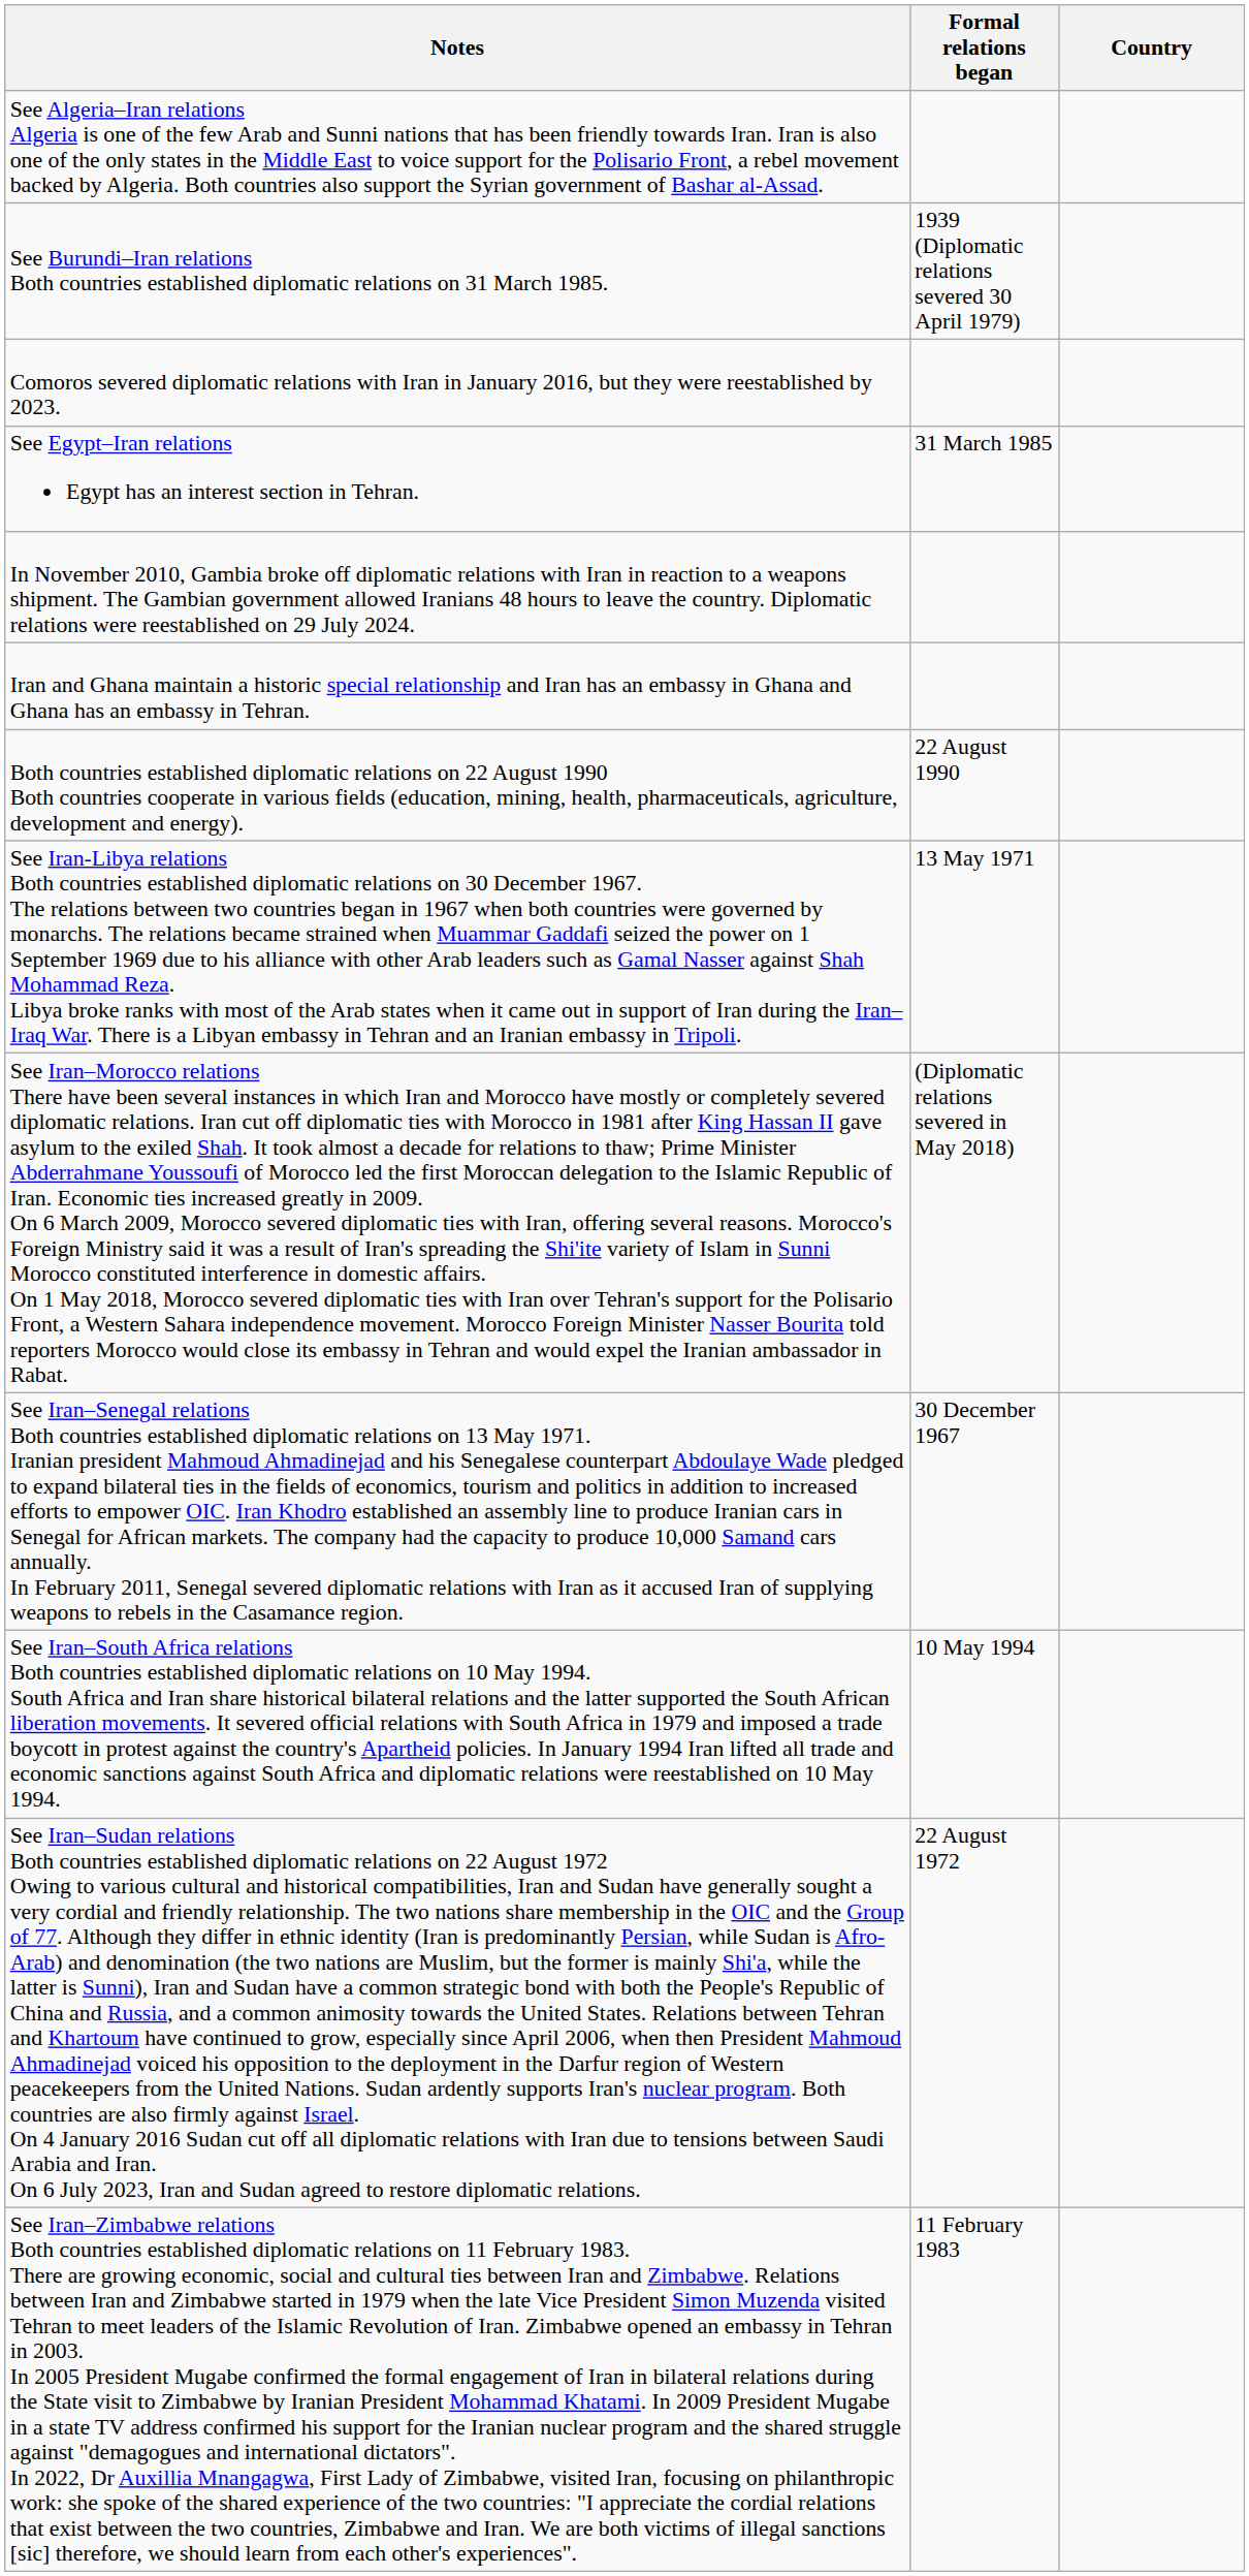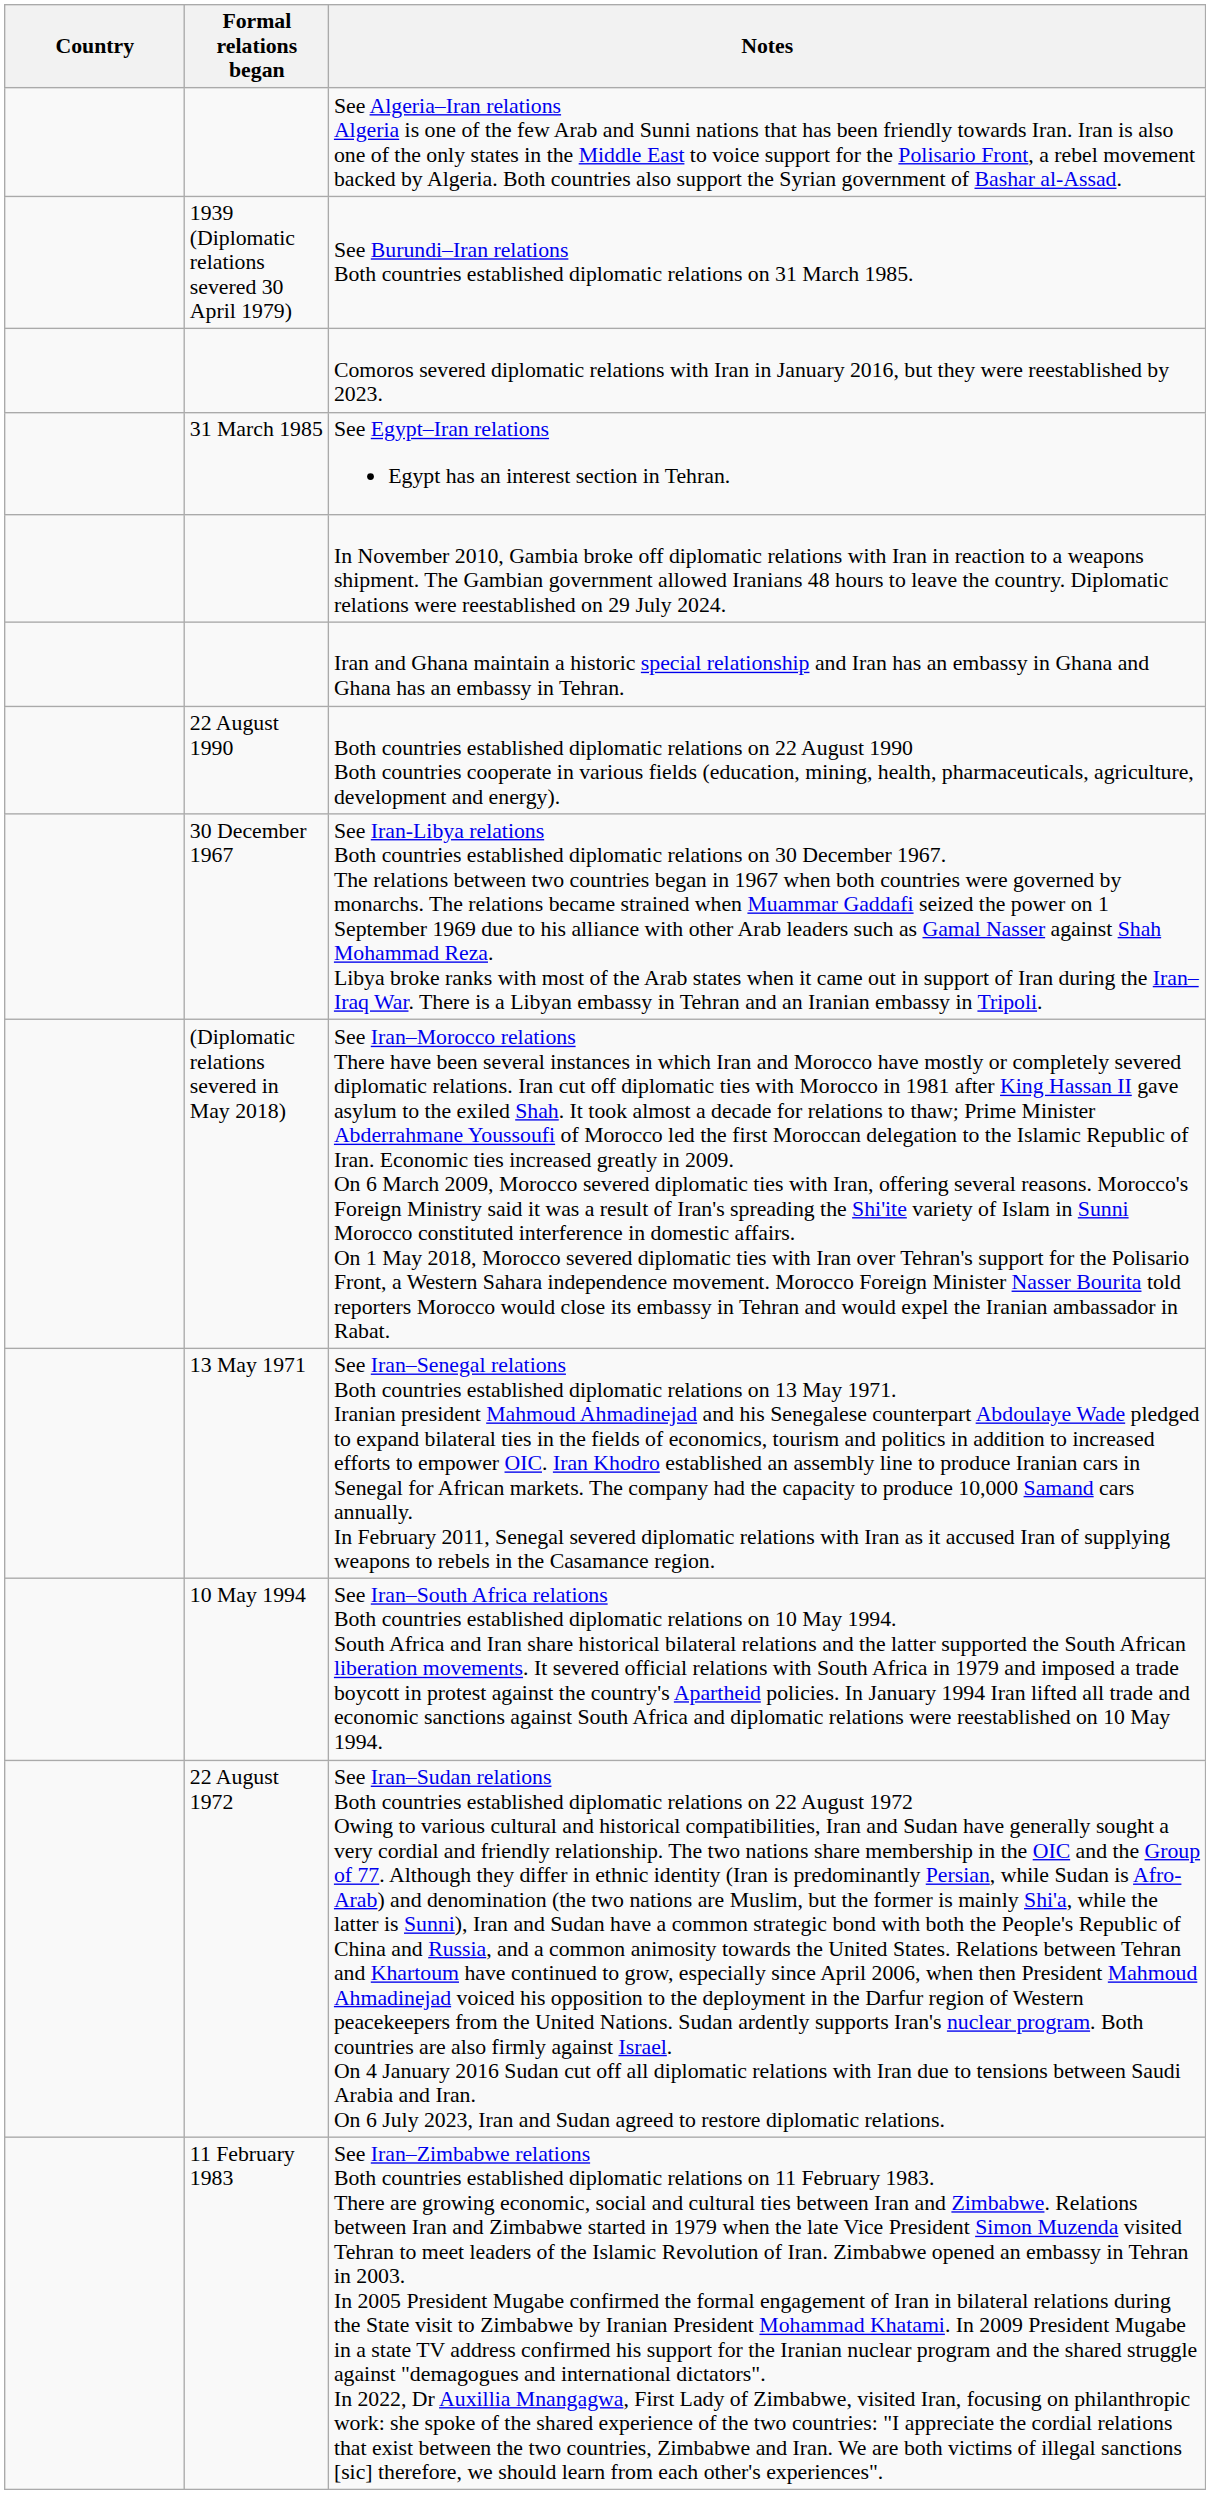 <table class="wikitable sortable" border="1" style="width:100%; margin:auto;">
 <tr>
+<th style="width:15%;">Country</th>
+<th style="width:12%;">Formal relations began</th>
 <th>Notes</th>
-<th style="width:12%;">Formal relations began</th>
-<th style="width:15%;">Country</th>
 </tr>
 <tr valign="top">
-<td>See <a href='#'>Algeria–Iran relations</a><br><a href='#'>Algeria</a> is one of the few Arab and Sunni nations that has been friendly towards Iran. Iran is also one of the only states in the <a href='#'>Middle East</a> to voice support for the <a href='#'>Polisario Front</a>, a rebel movement backed by Algeria. Both countries also support the Syrian government of <a href='#'>Bashar al-Assad</a>.</td>
 <td></td>
 <td></td>
+<td>See <a href='#'>Algeria–Iran relations</a><br><a href='#'>Algeria</a> is one of the few Arab and Sunni nations that has been friendly towards Iran. Iran is also one of the only states in the <a href='#'>Middle East</a> to voice support for the <a href='#'>Polisario Front</a>, a rebel movement backed by Algeria. Both countries also support the Syrian government of <a href='#'>Bashar al-Assad</a>.</td>
 </tr>
 <tr>
+<td></td>
+<td>1939<br>(Diplomatic relations severed 30 April 1979)</td>
 <td>See <a href='#'>Burundi–Iran relations</a><br>Both countries established diplomatic relations on 31 March 1985.</td>
-<td>1939<br>(Diplomatic relations severed 30 April 1979)</td>
-<td></td>
 </tr>
 <tr valign="top">
-<td><br>Comoros severed diplomatic relations with Iran in January 2016, but they were reestablished by 2023.</td>
 <td></td>
 <td></td>
+<td><br>Comoros severed diplomatic relations with Iran in January 2016, but they were reestablished by 2023.</td>
 </tr>
 <tr valign="top">
+<td></td>
+<td>31 March 1985</td>
 <td>See <a href='#'>Egypt–Iran relations</a><br><ul><li>Egypt has an interest section in Tehran.</li></ul></td>
-<td>31 March 1985</td>
-<td></td>
 </tr>
 <tr valign="top">
-<td><br>In November 2010, Gambia broke off diplomatic relations with Iran in reaction to a weapons shipment. The Gambian government allowed Iranians 48 hours to leave the country. Diplomatic relations were reestablished on 29 July 2024.</td>
 <td></td>
 <td></td>
+<td><br>In November 2010, Gambia broke off diplomatic relations with Iran in reaction to a weapons shipment. The Gambian government allowed Iranians 48 hours to leave the country. Diplomatic relations were reestablished on 29 July 2024.</td>
 </tr>
 <tr valign="top">
-<td><br>Iran and Ghana maintain a historic <a href='#'>special relationship</a> and Iran has an embassy in Ghana and Ghana has an embassy in Tehran.</td>
 <td></td>
 <td></td>
+<td><br>Iran and Ghana maintain a historic <a href='#'>special relationship</a> and Iran has an embassy in Ghana and Ghana has an embassy in Tehran.</td>
 </tr>
 <tr valign="top">
+<td></td>
+<td>22 August 1990</td>
 <td><br>Both countries established diplomatic relations on 22 August 1990<br>Both countries cooperate in various fields (education, mining, health, pharmaceuticals, agriculture, development and energy).</td>
-<td>22 August 1990</td>
-<td></td>
 </tr>
 <tr valign="top">
+<td></td>
+<td>30 December 1967</td>
 <td>See <a href='#'>Iran-Libya relations</a><br>Both countries established diplomatic relations on 30 December 1967.<br>The relations between two countries began in 1967 when both countries were governed by monarchs. The relations became strained when <a href='#'>Muammar Gaddafi</a> seized the power on 1 September 1969 due to his alliance with other Arab leaders such as <a href='#'>Gamal Nasser</a> against <a href='#'>Shah Mohammad Reza</a>.<br>Libya broke ranks with most of the Arab states when it came out in support of Iran during the <a href='#'>Iran–Iraq War</a>. There is a Libyan embassy in Tehran and an Iranian embassy in <a href='#'>Tripoli</a>.</td>
-<td>13 May 1971<br></td>
-<td></td>
 </tr>
 <tr valign="top">
+<td></td>
+<td>(Diplomatic relations severed in May 2018)</td>
 <td>See <a href='#'>Iran–Morocco relations</a><br>There have been several instances in which Iran and Morocco have mostly or completely severed diplomatic relations. Iran cut off diplomatic ties with Morocco in 1981 after <a href='#'>King Hassan II</a> gave asylum to the exiled <a href='#'>Shah</a>. It took almost a decade for relations to thaw; Prime Minister <a href='#'>Abderrahmane Youssoufi</a> of Morocco led the first Moroccan delegation to the Islamic Republic of Iran. Economic ties increased greatly in 2009.<br>On 6 March 2009, Morocco severed diplomatic ties with Iran, offering several reasons. Morocco's Foreign Ministry said it was a result of Iran's spreading the <a href='#'>Shi'ite</a> variety of Islam in <a href='#'>Sunni</a> Morocco constituted interference in domestic affairs.<br>On 1 May 2018, Morocco severed diplomatic ties with Iran over Tehran's support for the Polisario Front, a Western Sahara independence movement. Morocco Foreign Minister <a href='#'>Nasser Bourita</a> told reporters Morocco would close its embassy in Tehran and would expel the Iranian ambassador in Rabat.</td>
-<td>(Diplomatic relations severed in May 2018)</td>
-<td></td>
 </tr>
 <tr valign="top">
+<td></td>
+<td>13 May 1971<br></td>
 <td>See <a href='#'>Iran–Senegal relations</a><br>Both countries established diplomatic relations on 13 May 1971.<br>Iranian president <a href='#'>Mahmoud Ahmadinejad</a> and his Senegalese counterpart <a href='#'>Abdoulaye Wade</a> pledged to expand bilateral ties in the fields of economics, tourism and politics in addition to increased efforts to empower <a href='#'>OIC</a>. <a href='#'>Iran Khodro</a> established an assembly line to produce Iranian cars in Senegal for African markets. The company had the capacity to produce 10,000 <a href='#'>Samand</a> cars annually.<br>In February 2011, Senegal severed diplomatic relations with Iran as it accused Iran of supplying weapons to rebels in the Casamance region.</td>
-<td>30 December 1967</td>
-<td></td>
 </tr>
 <tr valign="top">
+<td></td>
+<td>10 May 1994</td>
 <td>See <a href='#'>Iran–South Africa relations</a><br>Both countries established diplomatic relations on 10 May 1994.<br>South Africa and Iran share historical bilateral relations and the latter supported the South African <a href='#'>liberation movements</a>. It severed official relations with South Africa in 1979 and imposed a trade boycott in protest against the country's <a href='#'>Apartheid</a> policies. In January 1994 Iran lifted all trade and economic sanctions against South Africa and diplomatic relations were reestablished on 10 May 1994.</td>
-<td>10 May 1994</td>
-<td></td>
 </tr>
 <tr valign="top">
+<td></td>
+<td>22 August 1972</td>
 <td>See <a href='#'>Iran–Sudan relations</a><br>Both countries established diplomatic relations on 22 August 1972<br>Owing to various cultural and historical compatibilities, Iran and Sudan have generally sought a very cordial and friendly relationship. The two nations share membership in the <a href='#'>OIC</a> and the <a href='#'>Group of 77</a>. Although they differ in ethnic identity (Iran is predominantly <a href='#'>Persian</a>, while Sudan is <a href='#'>Afro-Arab</a>) and denomination (the two nations are Muslim, but the former is mainly <a href='#'>Shi'a</a>, while the latter is <a href='#'>Sunni</a>), Iran and Sudan have a common strategic bond with both the People's Republic of China and <a href='#'>Russia</a>, and a common animosity towards the United States. Relations between Tehran and <a href='#'>Khartoum</a> have continued to grow, especially since April 2006, when then President <a href='#'>Mahmoud Ahmadinejad</a> voiced his opposition to the deployment in the Darfur region of Western peacekeepers from the United Nations. Sudan ardently supports Iran's <a href='#'>nuclear program</a>. Both countries are also firmly against <a href='#'>Israel</a>.<br>On 4 January 2016 Sudan cut off all diplomatic relations with Iran due to tensions between Saudi Arabia and Iran.<br>On 6 July 2023, Iran and Sudan agreed to restore diplomatic relations.</td>
-<td>22 August 1972</td>
-<td></td>
 </tr>
 <tr valign="top">
+<td></td>
+<td>11 February 1983</td>
 <td>See <a href='#'>Iran–Zimbabwe relations</a><br>Both countries established diplomatic relations on 11 February 1983.<br>There are growing economic, social and cultural ties between Iran and <a href='#'>Zimbabwe</a>. Relations between Iran and Zimbabwe started in 1979 when the late Vice President <a href='#'>Simon Muzenda</a> visited Tehran to meet leaders of the Islamic Revolution of Iran. Zimbabwe opened an embassy in Tehran in 2003.<br>In 2005 President Mugabe confirmed the formal engagement of Iran in bilateral relations during the State visit to Zimbabwe by Iranian President <a href='#'>Mohammad Khatami</a>. In 2009 President Mugabe in a state TV address confirmed his support for the Iranian nuclear program and the shared struggle against "demagogues and international dictators".<br>In 2022, Dr <a href='#'>Auxillia Mnangagwa</a>, First Lady of Zimbabwe, visited Iran, focusing on philanthropic work: she spoke of the shared experience of the two countries: "I appreciate the cordial relations that exist between the two countries, Zimbabwe and Iran. We are both victims of illegal sanctions [sic] therefore, we should learn from each other's experiences".</td>
-<td>11 February 1983</td>
-<td></td>
 </tr>
 </table>
